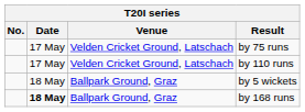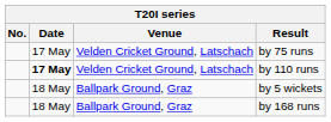 <table class="wikitable">
 <tr>
 <th colspan="5">T20I series</th>
 </tr>
 <tr>
 <th>No.</th>
 <th>Date</th>
 <th>Venue</th>
 <th>Result</th>
 </tr>
 <tr>
 <td></td>
 <td>17 May</td>
 <td><a href='#'>Velden Cricket Ground</a>, <a href='#'>Latschach</a></td>
 <td> by 75 runs</td>
 </tr>
 <tr>
 <td></td>
-<td>17 May</td>
+<td><strong>17 May</strong></td>
 <td><a href='#'>Velden Cricket Ground</a>, <a href='#'>Latschach</a></td>
 <td> by 110 runs</td>
 </tr>
 <tr>
 <td></td>
 <td>18 May</td>
 <td><a href='#'>Ballpark Ground</a>, <a href='#'>Graz</a></td>
 <td> by 5 wickets</td>
 </tr>
 <tr>
 <td></td>
-<td><strong>18 May</strong></td>
+<td>18 May</td>
 <td><a href='#'>Ballpark Ground</a>, <a href='#'>Graz</a></td>
 <td> by 168 runs</td>
 </tr>
 </table>
